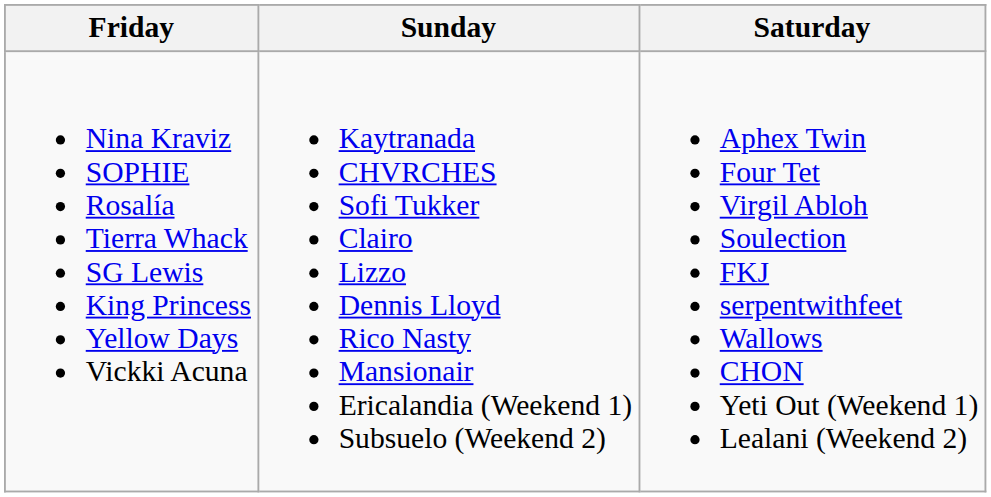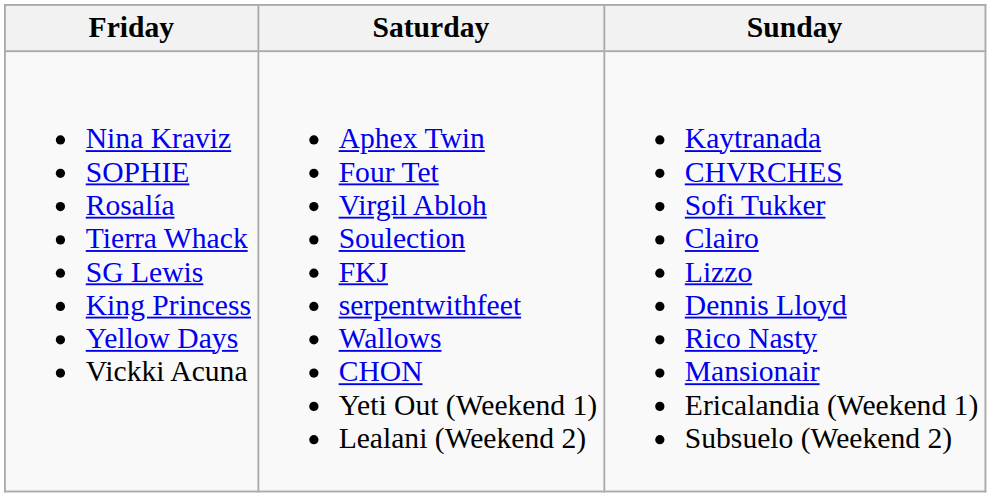 <table class="wikitable">
 <tr>
 <th>Friday</th>
+<th>Saturday</th>
 <th>Sunday</th>
-<th>Saturday</th>
 </tr>
 <tr valign="top">
 <td><br><ul><li><a href='#'>Nina Kraviz</a></li><li><a href='#'>SOPHIE</a></li><li><a href='#'>Rosalía</a></li><li><a href='#'>Tierra Whack</a></li><li><a href='#'>SG Lewis</a></li><li><a href='#'>King Princess</a></li><li><a href='#'>Yellow Days</a></li><li>Vickki Acuna</li></ul></td>
+<td><br><ul><li><a href='#'>Aphex Twin</a></li><li><a href='#'>Four Tet</a></li><li><a href='#'>Virgil Abloh</a></li><li><a href='#'>Soulection</a></li><li><a href='#'>FKJ</a></li><li><a href='#'>serpentwithfeet</a></li><li><a href='#'>Wallows</a></li><li><a href='#'>CHON</a></li><li>Yeti Out (Weekend 1)</li><li>Lealani (Weekend 2)</li></ul></td>
 <td><br><ul><li><a href='#'>Kaytranada</a></li><li><a href='#'>CHVRCHES</a></li><li><a href='#'>Sofi Tukker</a></li><li><a href='#'>Clairo</a></li><li><a href='#'>Lizzo</a></li><li><a href='#'>Dennis Lloyd</a></li><li><a href='#'>Rico Nasty</a></li><li><a href='#'>Mansionair</a></li><li>Ericalandia (Weekend 1)</li><li>Subsuelo (Weekend 2)</li></ul></td>
-<td><br><ul><li><a href='#'>Aphex Twin</a></li><li><a href='#'>Four Tet</a></li><li><a href='#'>Virgil Abloh</a></li><li><a href='#'>Soulection</a></li><li><a href='#'>FKJ</a></li><li><a href='#'>serpentwithfeet</a></li><li><a href='#'>Wallows</a></li><li><a href='#'>CHON</a></li><li>Yeti Out (Weekend 1)</li><li>Lealani (Weekend 2)</li></ul></td>
 </tr>
 </table>
